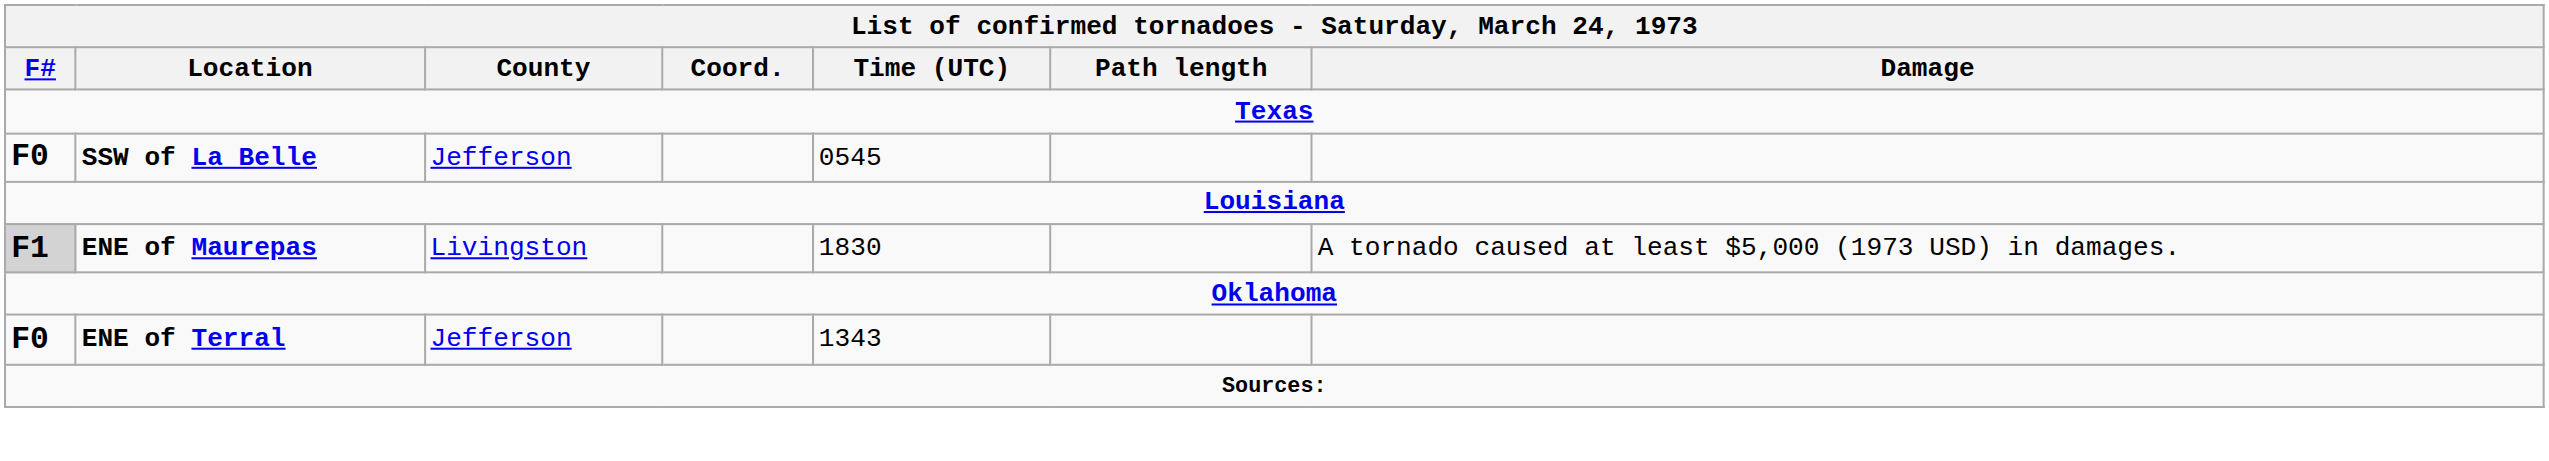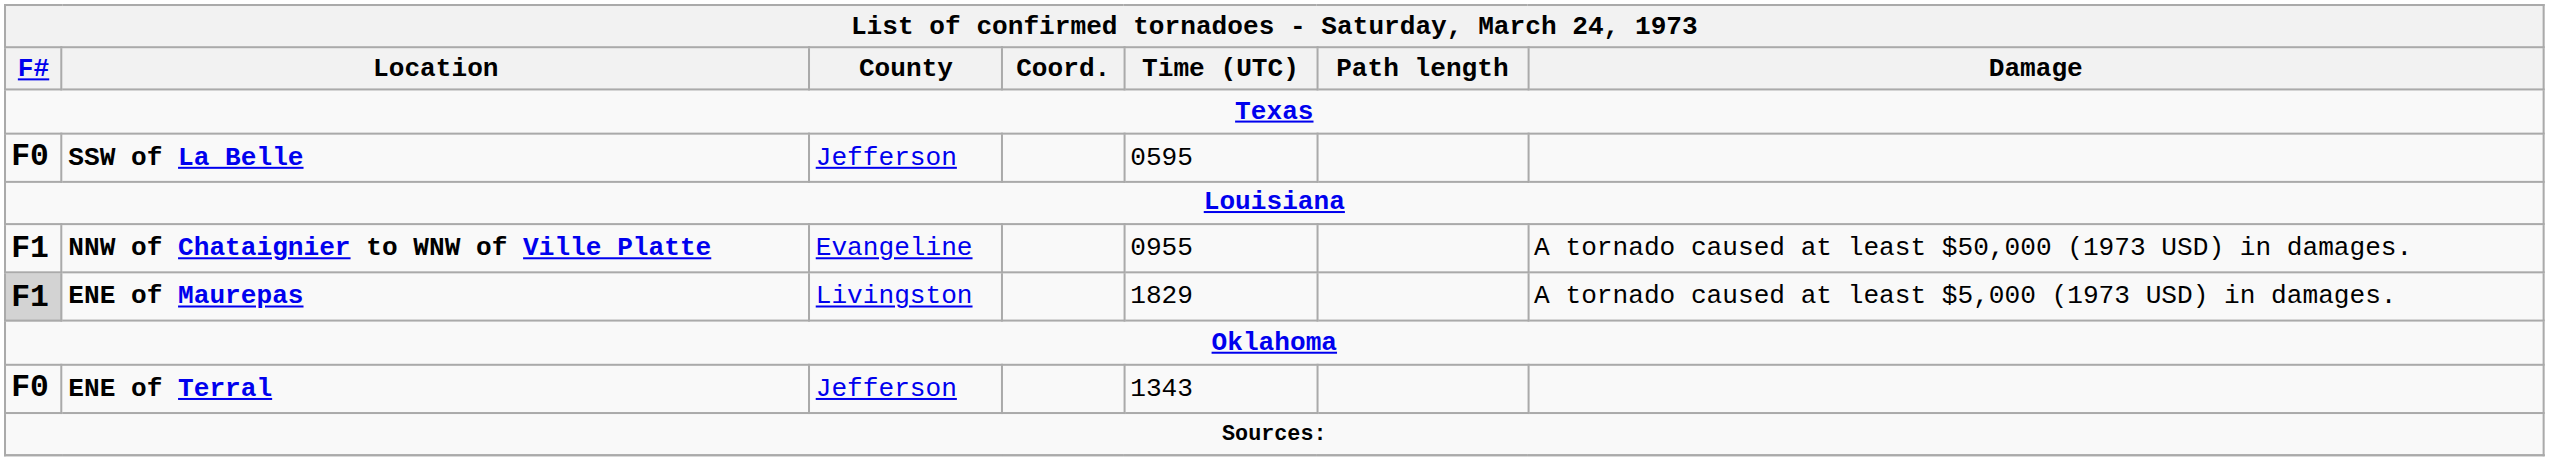 <table class="wikitable collapsible" width="100%">
 <tr>
 <th colspan="7">List of confirmed tornadoes - Saturday, March 24, 1973</th>
 </tr>
 <tr>
 <th><a href='#'>F#</a></th>
 <th>Location</th>
 <th>County</th>
 <th>Coord.</th>
 <th>Time (UTC)</th>
 <th>Path length</th>
 <th>Damage</th>
 </tr>
 <tr>
 <td colspan="7" align=center><strong><a href='#'>Texas</a></strong></td>
 </tr>
 <tr>
 <td><big><strong>F0</strong></big></td>
 <td><strong>SSW of <a href='#'>La Belle</a></strong></td>
 <td><a href='#'>Jefferson</a></td>
 <td></td>
-<td>0545</td>
+<td>0595</td>
 <td></td>
 <td></td>
 </tr>
 <tr>
 <td colspan="7" align="center"><strong><a href='#'>Louisiana</a></strong></td>
 </tr>
 <tr>
+<td><big><strong>F1</strong></big></td>
+<td><strong>NNW of <a href='#'>Chataignier</a> to WNW of <a href='#'>Ville Platte</a></strong></td>
+<td><a href='#'>Evangeline</a></td>
+<td></td>
+<td>0955</td>
+<td></td>
+<td>A tornado caused at least $50,000 (1973 USD) in damages.</td>
+</tr>
+<tr>
 <td style="background: lightgrey;"><big><strong>F1</strong></big></td>
 <td><strong>ENE of <a href='#'>Maurepas</a></strong></td>
 <td><a href='#'>Livingston</a></td>
 <td></td>
-<td>1830</td>
+<td>1829</td>
 <td></td>
 <td>A tornado caused at least $5,000 (1973 USD) in damages.</td>
 </tr>
 <tr>
 <td colspan="7" align="center"><strong><a href='#'>Oklahoma</a></strong></td>
 </tr>
 <tr>
 <td><big><strong>F0</strong></big></td>
 <td><strong>ENE of <a href='#'>Terral</a></strong></td>
 <td><a href='#'>Jefferson</a></td>
 <td></td>
 <td>1343</td>
 <td></td>
 <td></td>
 </tr>
 <tr>
 <td colspan="7" align="center"><small><strong>Sources:</strong> </small></td>
 </tr>
 <tr>
 </tr>
 </table>
